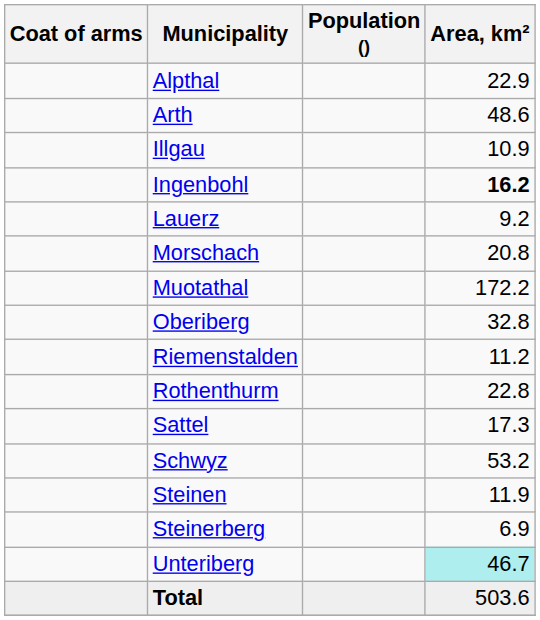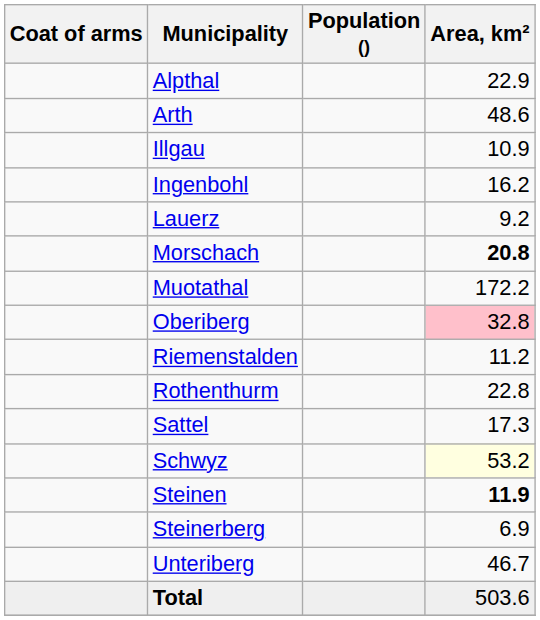 <table class="wikitable">
 <tr>
 <th>Coat of arms</th>
 <th>Municipality</th>
 <th>Population<br><small>()</small></th>
 <th>Area, km²</th>
 </tr>
 <tr>
 <td align="center"></td>
 <td><a href='#'>Alpthal</a></td>
 <td align="center"></td>
 <td align="right">22.9</td>
 </tr>
 <tr>
 <td align="center"></td>
 <td><a href='#'>Arth</a></td>
 <td align="center"></td>
 <td align="right">48.6</td>
 </tr>
 <tr>
 <td align="center"></td>
 <td><a href='#'>Illgau</a></td>
 <td align="center"></td>
 <td align="right">10.9</td>
 </tr>
 <tr>
 <td align="center"></td>
 <td><a href='#'>Ingenbohl</a></td>
 <td align="center"></td>
-<td align="right"><strong>16.2</strong></td>
+<td align="right">16.2</td>
 </tr>
 <tr>
 <td align="center"></td>
 <td><a href='#'>Lauerz</a></td>
 <td align="center"></td>
 <td align="right">9.2</td>
 </tr>
 <tr>
 <td align="center"></td>
 <td><a href='#'>Morschach</a></td>
 <td align="center"></td>
-<td align="right">20.8</td>
+<td align="right"><strong>20.8</strong></td>
 </tr>
 <tr>
 <td align="center"></td>
 <td><a href='#'>Muotathal</a></td>
 <td align="center"></td>
 <td align="right">172.2</td>
 </tr>
 <tr>
 <td align="center"></td>
 <td><a href='#'>Oberiberg</a></td>
 <td align="center"></td>
-<td align="right">32.8</td>
+<td align="right" style="background: pink;">32.8</td>
 </tr>
 <tr>
 <td align="center"></td>
 <td><a href='#'>Riemenstalden</a></td>
 <td align="center"></td>
 <td align="right">11.2</td>
 </tr>
 <tr>
 <td align="center"></td>
 <td><a href='#'>Rothenthurm</a></td>
 <td align="center"></td>
 <td align="right">22.8</td>
 </tr>
 <tr>
 <td align="center"></td>
 <td><a href='#'>Sattel</a></td>
 <td align="center"></td>
 <td align="right">17.3</td>
 </tr>
 <tr>
 <td align="center"></td>
 <td><a href='#'>Schwyz</a></td>
 <td align="center"></td>
-<td align="right">53.2</td>
+<td align="right" style="background: lightyellow;">53.2</td>
 </tr>
 <tr>
 <td align="center"></td>
 <td><a href='#'>Steinen</a></td>
 <td align="center"></td>
-<td align="right">11.9</td>
+<td align="right"><strong>11.9</strong></td>
 </tr>
 <tr>
 <td align="center"></td>
 <td><a href='#'>Steinerberg</a></td>
 <td align="center"></td>
 <td align="right">6.9</td>
 </tr>
 <tr>
 <td align="center"></td>
 <td><a href='#'>Unteriberg</a></td>
 <td align="center"></td>
-<td align="right" style="background: paleturquoise;">46.7</td>
+<td align="right">46.7</td>
 </tr>
 <tr style="background-color:#EFEFEF;">
 <td align="center"></td>
 <td><strong>Total</strong></td>
 <td align="center"></td>
 <td align="right">503.6</td>
 </tr>
 <tr>
 </tr>
 </table>
